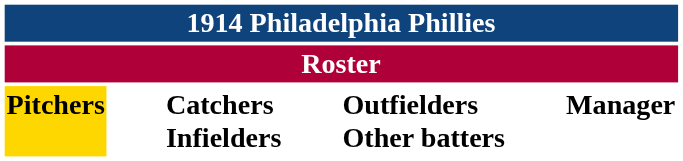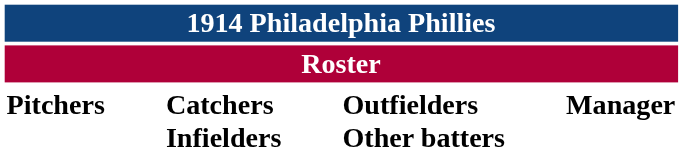 <table class="toccolours" style="font-size: 95%;">
 <tr>
 <th colspan="10" style="background-color: #0f437c; color: white; text-align: center;">1914 Philadelphia Phillies</th>
 </tr>
 <tr>
 <td colspan="10" style="background-color: #af0039; color: white; text-align: center;"><strong>Roster</strong></td>
 </tr>
 <tr>
-<td valign="top" style="background: gold;"><strong>Pitchers</strong><br>         </td>
+<td valign="top"><strong>Pitchers</strong><br>         </td>
 <td width="25px"></td>
 <td valign="top"><strong>Catchers</strong><br>    <strong>Infielders</strong>        </td>
 <td width="25px"></td>
 <td valign="top"><strong>Outfielders</strong><br>      <strong>Other batters</strong>  </td>
 <td width="25px"></td>
 <td valign="top"><strong>Manager</strong><br></td>
 </tr>
 </table>
